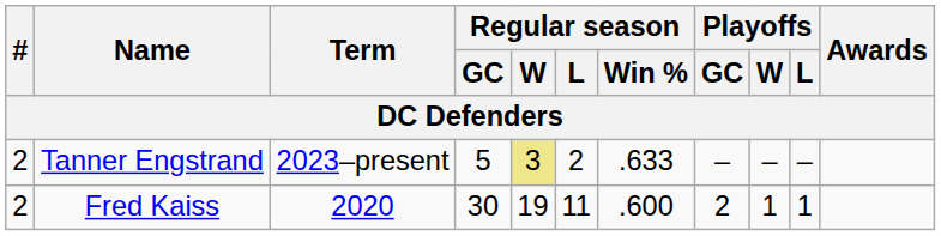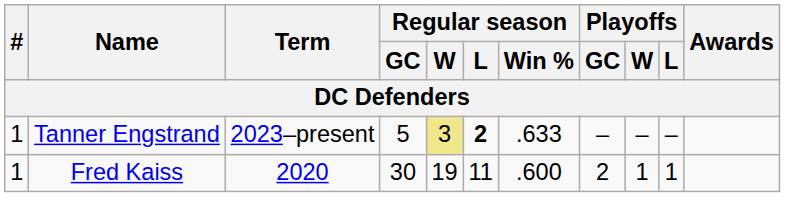 <table class="wikitable" style="text-align:center">
 <tr>
 <th rowspan="2">#</th>
 <th rowspan="2">Name</th>
 <th rowspan="2">Term</th>
 <th colspan="4">Regular season</th>
 <th colspan="3">Playoffs</th>
 <th rowspan="2">Awards</th>
 </tr>
 <tr>
 <th>GC</th>
 <th>W</th>
 <th>L</th>
 <th>Win %</th>
 <th>GC</th>
 <th>W</th>
 <th>L</th>
 </tr>
 <tr>
 <th colspan="11">DC Defenders</th>
 </tr>
 <tr>
-<td>2</td>
+<td>1</td>
 <td><a href='#'>Tanner Engstrand</a></td>
 <td><a href='#'>2023</a>–present</td>
 <td>5</td>
 <td style="background: khaki;">3</td>
-<td>2</td>
+<td><strong>2</strong></td>
 <td>.633</td>
 <td>–</td>
 <td>–</td>
 <td>–</td>
 <td></td>
 </tr>
 <tr>
-<td>2</td>
+<td>1</td>
 <td><a href='#'>Fred Kaiss</a></td>
 <td><a href='#'>2020</a></td>
 <td>30</td>
 <td>19</td>
 <td>11</td>
 <td>.600</td>
 <td>2</td>
 <td>1</td>
 <td>1</td>
 </tr>
 </table>
